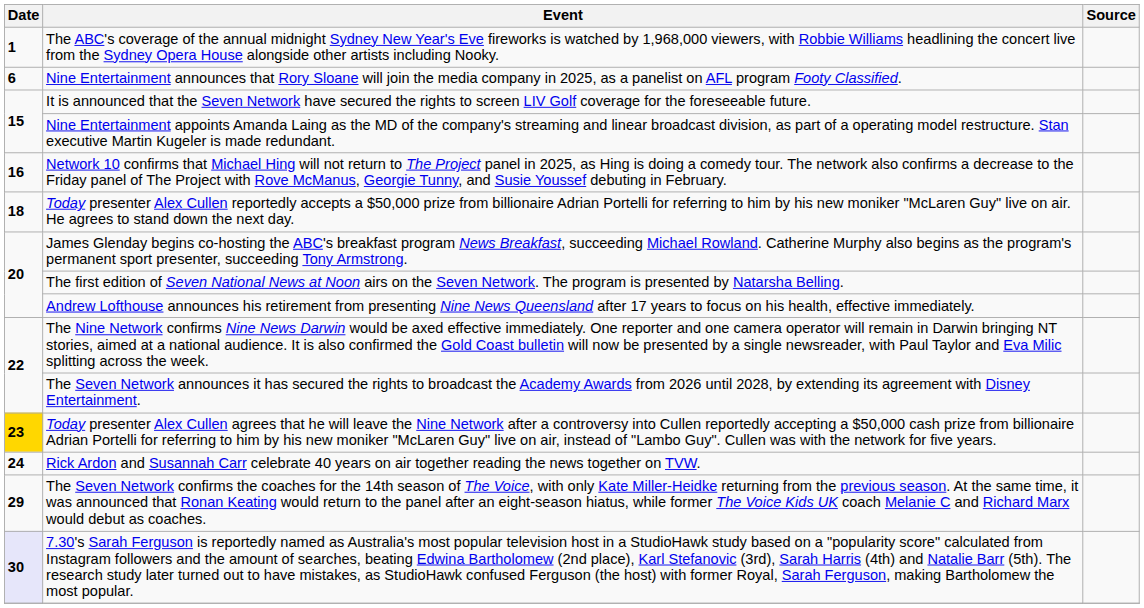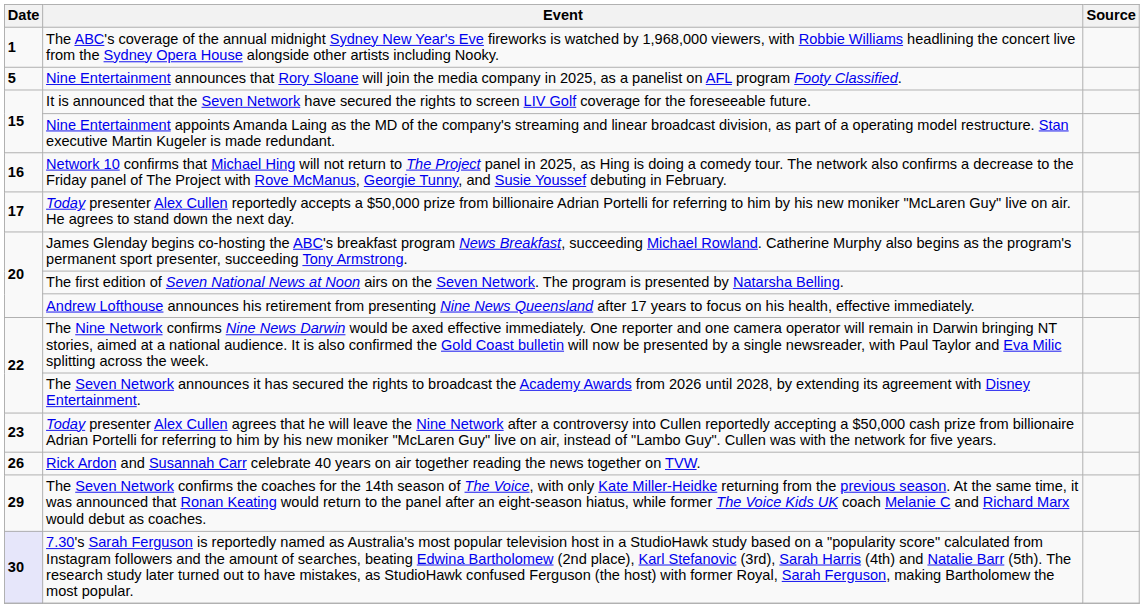 <table class="wikitable">
 <tr>
 <th>Date</th>
 <th>Event</th>
 <th>Source</th>
 </tr>
 <tr>
 <td><strong>1</strong></td>
 <td>The <a href='#'>ABC</a>'s coverage of the annual midnight <a href='#'>Sydney New Year's Eve</a> fireworks is watched by 1,968,000 viewers, with <a href='#'>Robbie Williams</a> headlining the concert live from the <a href='#'>Sydney Opera House</a> alongside other artists including Nooky.</td>
 <td></td>
 </tr>
 <tr>
-<td><strong>6</strong></td>
+<td><strong>5</strong></td>
 <td><a href='#'>Nine Entertainment</a> announces that <a href='#'>Rory Sloane</a> will join the media company in 2025, as a panelist on <a href='#'>AFL</a> program <em><a href='#'>Footy Classified</a></em>.</td>
 <td></td>
 </tr>
 <tr>
 <td rowspan=2><strong>15</strong></td>
 <td>It is announced that the <a href='#'>Seven Network</a> have secured the rights to screen <a href='#'>LIV Golf</a> coverage for the foreseeable future.</td>
 <td></td>
 </tr>
 <tr>
 <td><a href='#'>Nine Entertainment</a> appoints Amanda Laing as the MD of the company's streaming and linear broadcast division, as part of a operating model restructure. <a href='#'>Stan</a> executive Martin Kugeler is made redundant.</td>
 <td></td>
 </tr>
 <tr>
 <td><strong>16</strong></td>
 <td><a href='#'>Network 10</a> confirms that <a href='#'>Michael Hing</a> will not return to <em><a href='#'>The Project</a></em> panel in 2025, as Hing is  doing a comedy tour. The network also confirms a decrease to the Friday panel of The Project with <a href='#'>Rove McManus</a>, <a href='#'>Georgie Tunny</a>, and <a href='#'>Susie Youssef</a> debuting in February.</td>
 <td></td>
 </tr>
 <tr>
-<td><strong>18</strong></td>
+<td><strong>17</strong></td>
 <td><em><a href='#'>Today</a></em> presenter <a href='#'>Alex Cullen</a> reportedly accepts a $50,000 prize from billionaire Adrian Portelli for referring to him by his new moniker "McLaren Guy" live on air. He agrees to stand down the next day.</td>
 <td></td>
 </tr>
 <tr>
 <td rowspan=3><strong>20</strong></td>
 <td>James Glenday begins co-hosting the <a href='#'>ABC</a>'s breakfast program <em><a href='#'>News Breakfast</a></em>, succeeding <a href='#'>Michael Rowland</a>. Catherine Murphy also begins as the program's permanent sport presenter, succeeding <a href='#'>Tony Armstrong</a>.</td>
 <td></td>
 </tr>
 <tr>
 <td>The first edition of <em><a href='#'>Seven National News at Noon</a></em> airs on the <a href='#'>Seven Network</a>. The program is presented by <a href='#'>Natarsha Belling</a>.</td>
 <td></td>
 </tr>
 <tr>
 <td><a href='#'>Andrew Lofthouse</a> announces his retirement from presenting <em><a href='#'>Nine News Queensland</a></em> after 17 years to focus on his health, effective immediately.</td>
 <td></td>
 </tr>
 <tr>
 <td rowspan=2><strong>22</strong></td>
 <td>The <a href='#'>Nine Network</a> confirms <em><a href='#'>Nine News Darwin</a></em> would be axed effective immediately. One reporter and one camera operator will remain in Darwin bringing NT stories, aimed at a national audience. It is also confirmed the <a href='#'>Gold Coast bulletin</a> will now be presented by a single newsreader, with Paul Taylor and <a href='#'>Eva Milic</a> splitting across the week.</td>
 <td></td>
 </tr>
 <tr>
 <td>The <a href='#'>Seven Network</a> announces it has secured the rights to broadcast the <a href='#'>Academy Awards</a> from 2026 until 2028, by extending its agreement with <a href='#'>Disney Entertainment</a>.</td>
 <td></td>
 </tr>
 <tr>
-<td style="background: gold;"><strong>23</strong></td>
+<td><strong>23</strong></td>
 <td><em><a href='#'>Today</a></em> presenter <a href='#'>Alex Cullen</a> agrees that he will leave the <a href='#'>Nine Network</a> after a controversy into Cullen reportedly accepting a $50,000 cash prize from billionaire Adrian Portelli for referring to him by his new moniker "McLaren Guy" live on air, instead of "Lambo Guy". Cullen was with the network for five years.</td>
 <td></td>
 </tr>
 <tr>
-<td><strong>24</strong></td>
+<td><strong>26</strong></td>
 <td><a href='#'>Rick Ardon</a> and <a href='#'>Susannah Carr</a> celebrate 40 years on air together reading the news together on <a href='#'>TVW</a>.</td>
 <td></td>
 </tr>
 <tr>
 <td><strong>29</strong></td>
 <td>The <a href='#'>Seven Network</a> confirms the coaches for the 14th season of <em><a href='#'>The Voice</a></em>, with only <a href='#'>Kate Miller-Heidke</a> returning from the <a href='#'>previous season</a>. At the same time, it was announced that <a href='#'>Ronan Keating</a> would return to the panel after an eight-season hiatus, while former <a href='#'><em>The Voice Kids UK</em></a> coach <a href='#'>Melanie C</a> and <a href='#'>Richard Marx</a> would debut as coaches.</td>
 <td></td>
 </tr>
 <tr>
 <td style="background: lavender;"><strong>30</strong></td>
 <td><a href='#'>7.30</a>'s <a href='#'>Sarah Ferguson</a> is reportedly named as Australia's most popular television host in a StudioHawk study based on a "popularity score" calculated from Instagram followers and the amount of searches, beating <a href='#'>Edwina Bartholomew</a> (2nd place), <a href='#'>Karl Stefanovic</a> (3rd), <a href='#'>Sarah Harris</a> (4th) and <a href='#'>Natalie Barr</a> (5th). The research study later turned out to have mistakes, as StudioHawk confused Ferguson (the host) with former Royal, <a href='#'>Sarah Ferguson</a>, making Bartholomew the most popular.</td>
 <td></td>
 </tr>
 <tr>
 </tr>
 </table>
